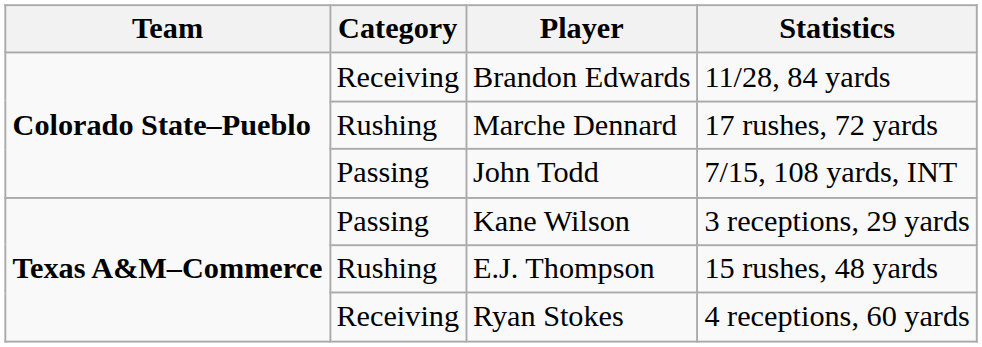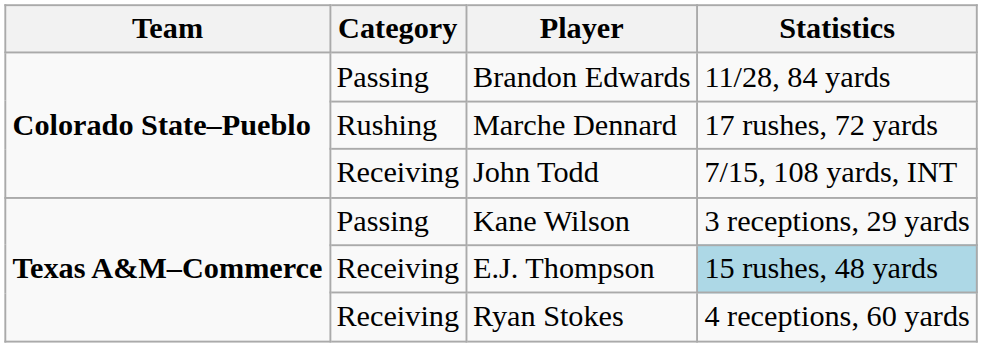 <table class="wikitable" style="float: right;">
 <tr>
 <th>Team</th>
 <th>Category</th>
 <th>Player</th>
 <th>Statistics</th>
 </tr>
 <tr>
 <td rowspan=3><strong>Colorado State–Pueblo</strong></td>
-<td>Receiving</td>
+<td>Passing</td>
 <td>Brandon Edwards</td>
 <td>11/28, 84 yards</td>
 </tr>
 <tr>
 <td>Rushing</td>
 <td>Marche Dennard</td>
 <td>17 rushes, 72 yards</td>
 </tr>
 <tr>
-<td>Passing</td>
+<td>Receiving</td>
 <td>John Todd</td>
 <td>7/15, 108 yards, INT</td>
 </tr>
 <tr>
 <td rowspan=3><strong>Texas A&M–Commerce</strong></td>
 <td>Passing</td>
 <td>Kane Wilson</td>
 <td>3 receptions, 29 yards</td>
 </tr>
 <tr>
-<td>Rushing</td>
+<td>Receiving</td>
 <td>E.J. Thompson</td>
-<td>15 rushes, 48 yards</td>
+<td style="background: lightblue;">15 rushes, 48 yards</td>
 </tr>
 <tr>
 <td>Receiving</td>
 <td>Ryan Stokes</td>
 <td>4 receptions, 60 yards</td>
 </tr>
 </table>
